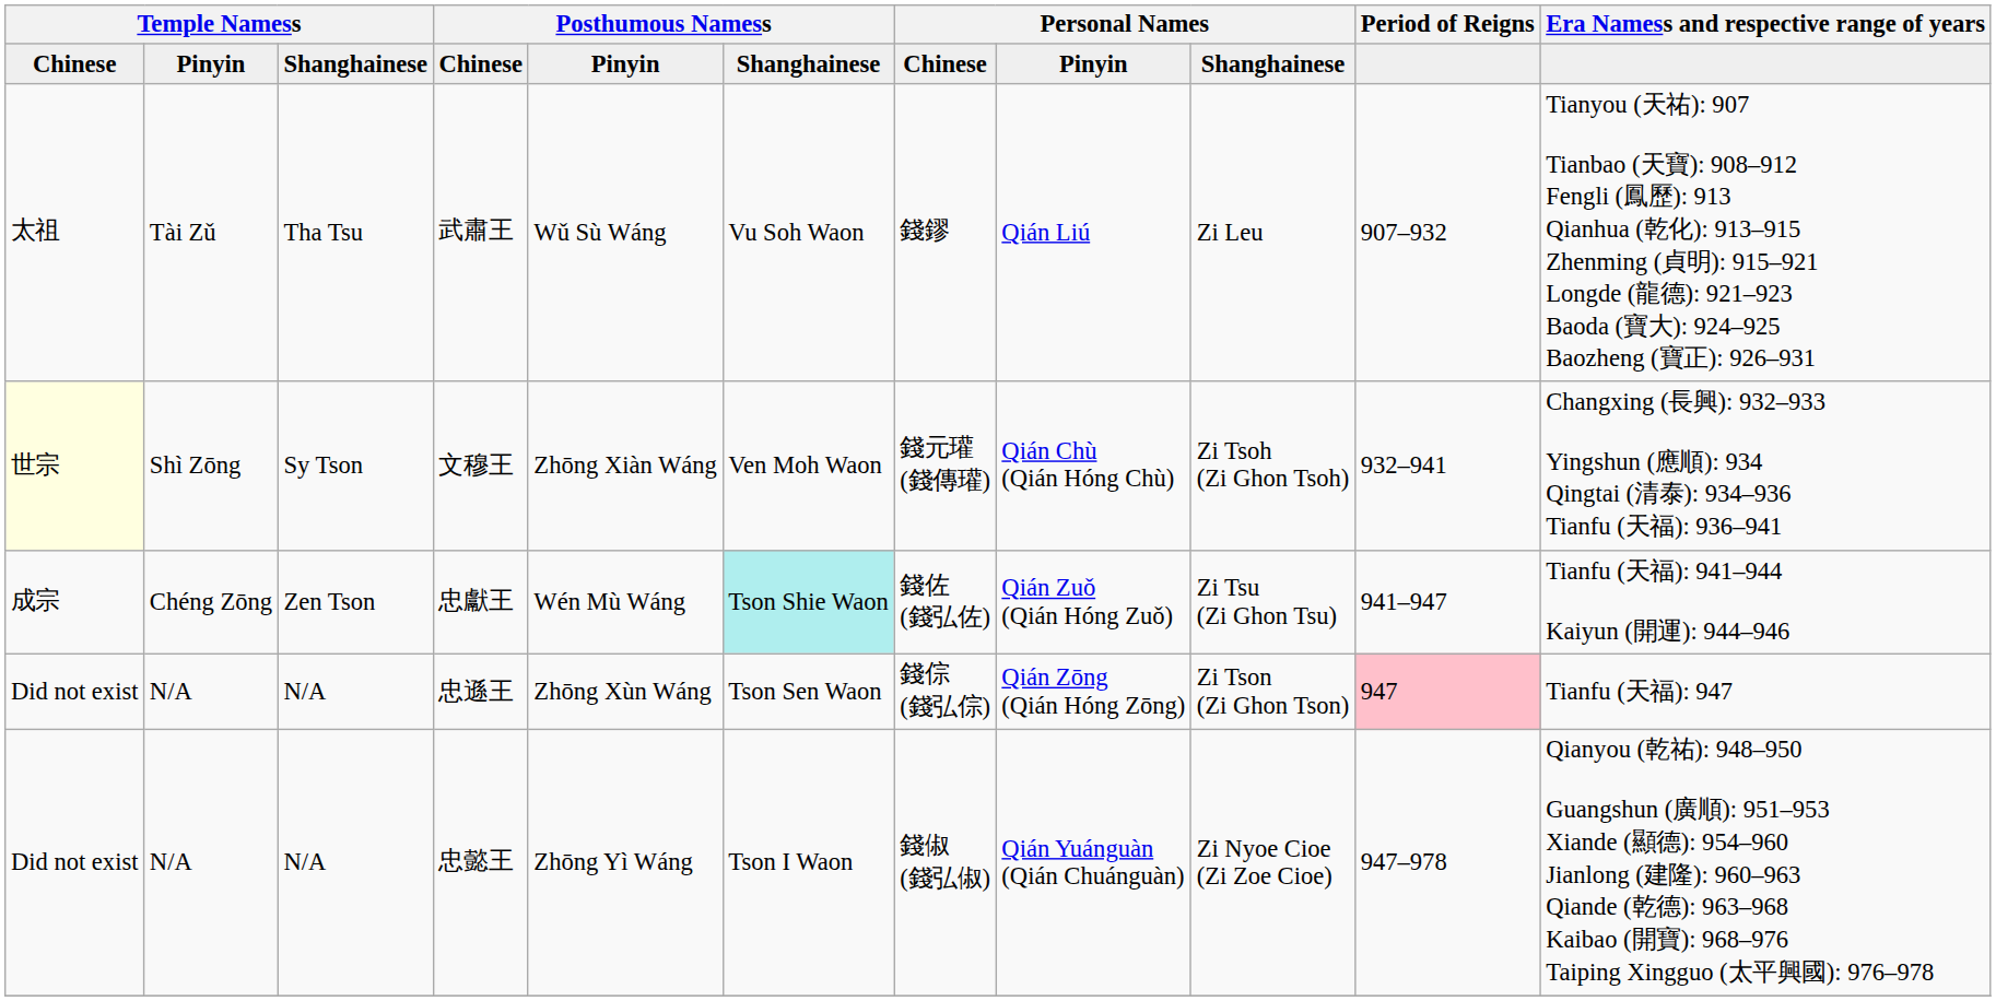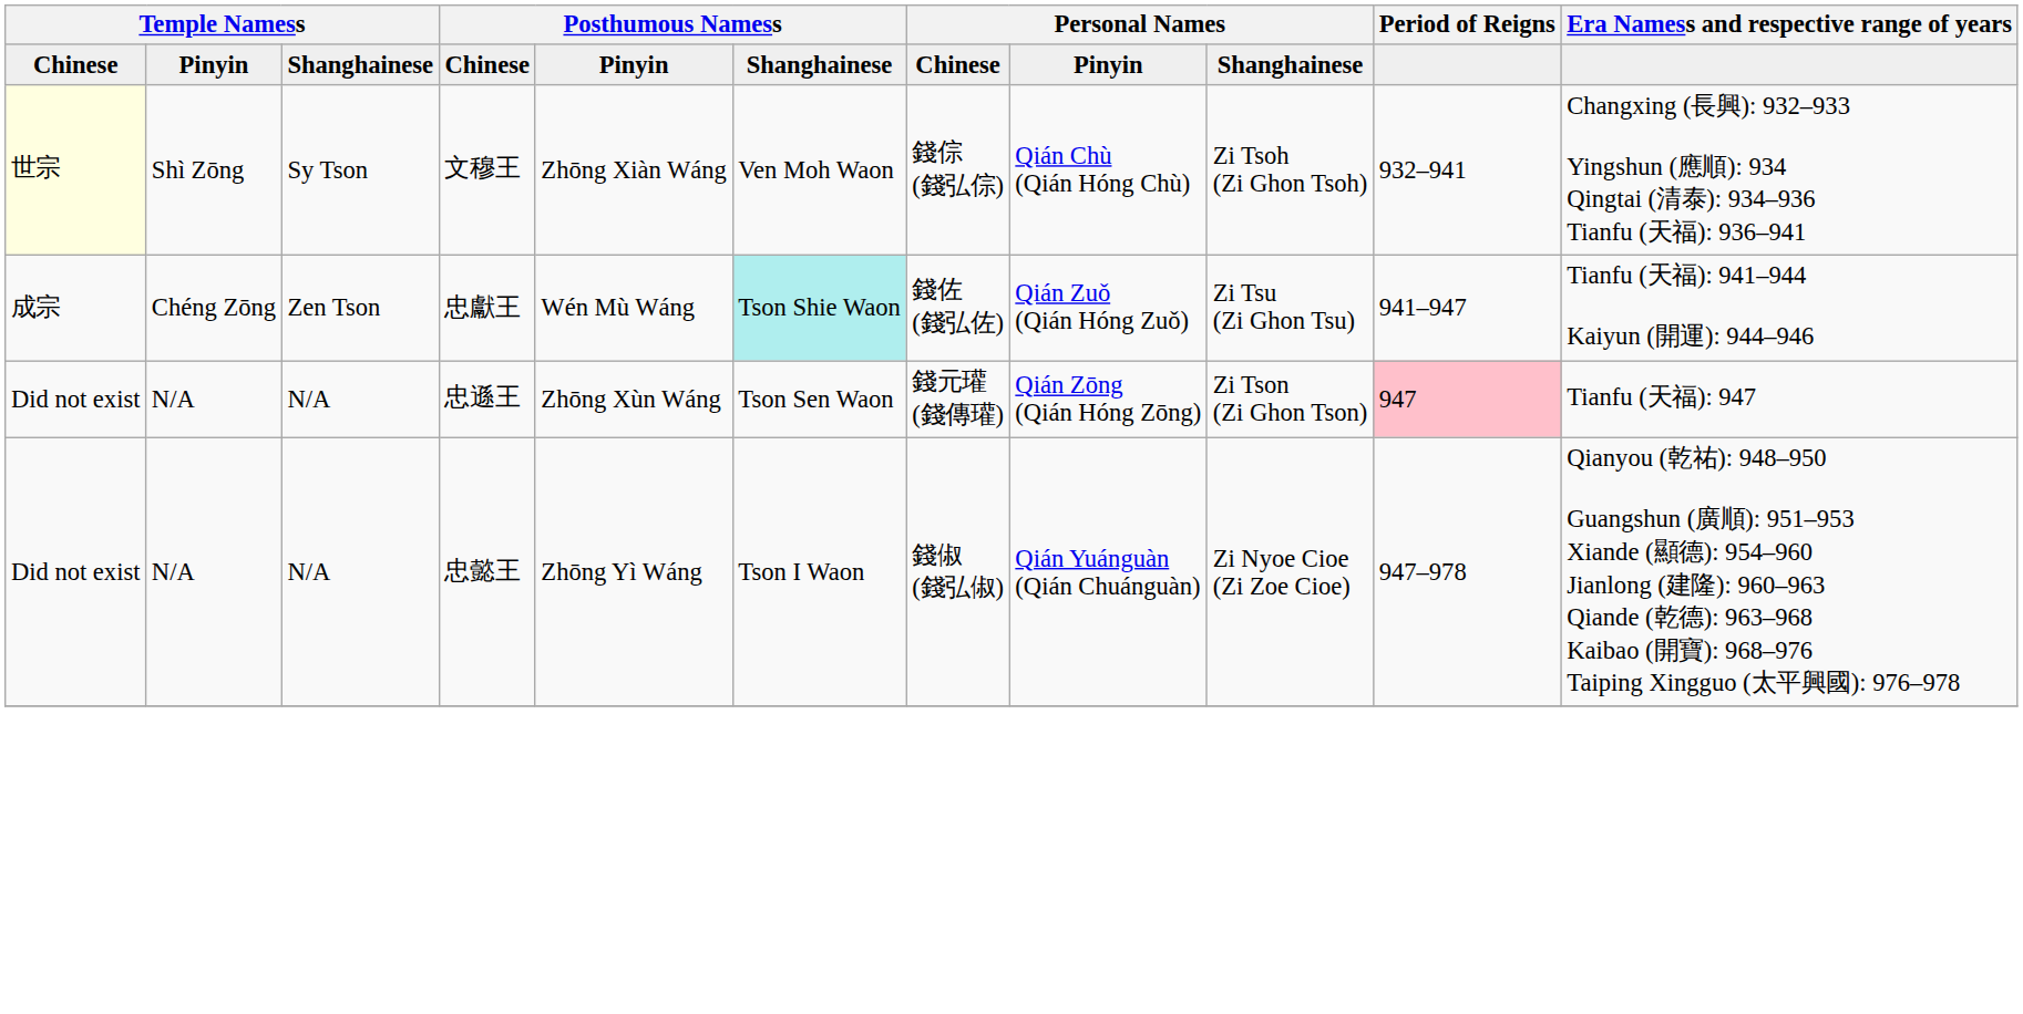 <table class="wikitable">
 <tr>
 <th colspan="3"><a href='#'>Temple Names</a>s</th>
 <th colspan="3"><a href='#'>Posthumous Names</a>s</th>
 <th colspan="3">Personal Names</th>
 <th colspan="1">Period of Reigns</th>
 <th colspan="1"><a href='#'>Era Names</a>s and respective range of years</th>
 </tr>
 <tr>
 <th style="background:#efefef;">Chinese</th>
 <th style="background:#efefef;">Pinyin</th>
 <th style="background:#efefef;">Shanghainese</th>
 <th style="background:#efefef;">Chinese</th>
 <th style="background:#efefef;">Pinyin</th>
 <th style="background:#efefef;">Shanghainese</th>
 <th style="background:#efefef;">Chinese</th>
 <th style="background:#efefef;">Pinyin</th>
 <th style="background:#efefef;">Shanghainese</th>
 <th style="background:#efefef;"></th>
 <th style="background:#efefef;"></th>
 </tr>
 <tr>
-<td Tai Zu>太祖</td>
-<td>Tài Zǔ</td>
-<td>Tha Tsu</td>
-<td Wu Su Wang>武肅王</td>
-<td>Wǔ Sù Wáng</td>
-<td>Vu Soh Waon</td>
-<td Qian Liu>錢鏐</td>
-<td><a href='#'>Qián Liú</a></td>
-<td>Zi Leu</td>
-<td>907–932</td>
-<td>Tianyou (天祐): 907<br><br>Tianbao (天寶): 908–912<br> Fengli (鳳歷): 913<br> Qianhua (乾化): 913–915<br> Zhenming (貞明): 915–921<br> Longde (龍德): 921–923<br> Baoda (寶大): 924–925<br> Baozheng (寶正): 926–931</td>
-</tr>
-<tr>
 <td Shi Zong style="background: lightyellow;">世宗</td>
 <td>Shì Zōng</td>
 <td>Sy Tson</td>
 <td Wen Mu Wang>文穆王</td>
 <td>Zhōng Xiàn Wáng</td>
 <td>Ven Moh Waon</td>
-<td Qian Yuan Quan>錢元瓘<br>(錢傳瓘)</td>
+<td Qian Zong>錢倧<br>(錢弘倧)</td>
 <td><a href='#'>Qián Chù</a><br>(Qián Hóng Chù)</td>
 <td>Zi Tsoh<br>(Zi Ghon Tsoh)</td>
 <td>932–941</td>
 <td>Changxing (長興): 932–933<br><br>Yingshun (應順): 934 <br>Qingtai (清泰): 934–936 <br>Tianfu (天福): 936–941</td>
 </tr>
 <tr>
 <td Cheng Zong>成宗</td>
 <td>Chéng Zōng</td>
 <td>Zen Tson</td>
 <td Zhong Xian Wang>忠獻王</td>
 <td>Wén Mù Wáng</td>
 <td style="background: paleturquoise;">Tson Shie Waon</td>
 <td Qian Zuo>錢佐<br>(錢弘佐)</td>
 <td><a href='#'>Qián Zuǒ</a><br>(Qián Hóng Zuǒ)</td>
 <td>Zi Tsu<br>(Zi Ghon Tsu)</td>
 <td>941–947</td>
 <td>Tianfu (天福): 941–944<br><br>Kaiyun (開運): 944–946</td>
 </tr>
 <tr>
 <td>Did not exist</td>
 <td>N/A</td>
 <td>N/A</td>
 <td Zhong Xun Wang>忠遜王</td>
 <td>Zhōng Xùn Wáng</td>
 <td>Tson Sen Waon</td>
-<td Qian Zong>錢倧<br>(錢弘倧)</td>
+<td Qian Yuan Quan>錢元瓘<br>(錢傳瓘)</td>
 <td><a href='#'>Qián Zōng</a><br>(Qián Hóng Zōng)</td>
 <td>Zi Tson<br>(Zi Ghon Tson)</td>
 <td style="background: pink;">947</td>
 <td>Tianfu (天福): 947</td>
 </tr>
 <tr>
 <td>Did not exist</td>
 <td>N/A</td>
 <td>N/A</td>
 <td Zhong Yi Wang>忠懿王</td>
 <td>Zhōng Yì Wáng</td>
 <td>Tson I Waon</td>
 <td Qian Chu>錢俶<br>(錢弘俶)</td>
 <td><a href='#'>Qián Yuánguàn</a><br>(Qián Chuánguàn)</td>
 <td>Zi Nyoe Cioe<br>(Zi Zoe Cioe)</td>
 <td>947–978</td>
 <td>Qianyou (乾祐): 948–950<br><br>Guangshun (廣順): 951–953 <br>Xiande (顯德): 954–960 <br>Jianlong (建隆): 960–963 <br>Qiande (乾德): 963–968 <br>Kaibao (開寶): 968–976 <br>Taiping Xingguo (太平興國): 976–978</td>
 </tr>
 <tr>
 </tr>
 </table>
